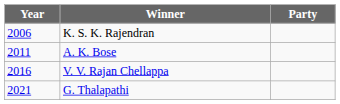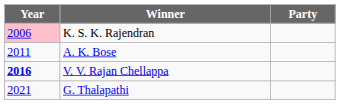 <table class="wikitable" width="50%">
 <tr>
 <th style="background-color:#666666; color:white">Year</th>
 <th style="background-color:#666666; color:white">Winner</th>
 <th style="background-color:#666666; color:white" colspan="2">Party</th>
 </tr>
 <tr>
-<td><a href='#'>2006</a></td>
+<td style="background: pink;"><a href='#'>2006</a></td>
 <td>K. S. K. Rajendran</td>
 <td></td>
 </tr>
 <tr>
 <td><a href='#'>2011</a></td>
 <td><a href='#'>A. K. Bose</a></td>
 <td></td>
 </tr>
 <tr>
-<td><a href='#'>2016</a></td>
+<td><strong><a href='#'>2016</a></strong></td>
 <td><a href='#'>V. V. Rajan Chellappa</a></td>
 </tr>
 <tr>
 <td><a href='#'>2021</a></td>
 <td><a href='#'>G. Thalapathi</a></td>
 <td></td>
 </tr>
 </table>
